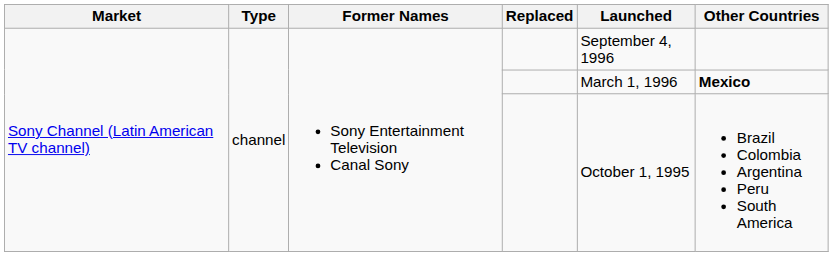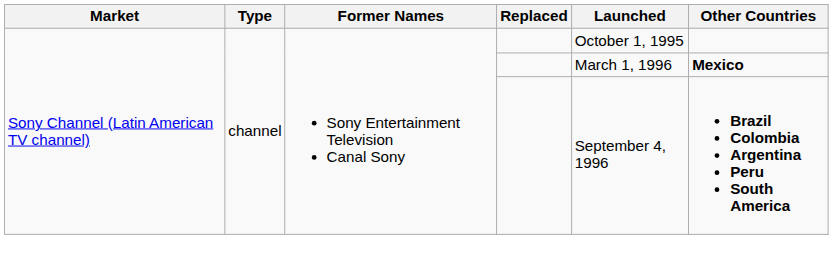 <table class="wikitable sortable">
 <tr>
 <th>Market</th>
 <th>Type</th>
 <th>Former Names</th>
 <th>Replaced</th>
 <th>Launched</th>
 <th>Other Countries</th>
 </tr>
 <tr>
 <td rowspan = "3"><a href='#'>Sony Channel (Latin American TV channel)</a></td>
 <td rowspan = "3">channel</td>
 <td rowspan = "3"><br><ul><li>Sony Entertainment Television</li><li>Canal Sony</li></ul></td>
 <td></td>
-<td>September 4, 1996</td>
+<td>October 1, 1995</td>
 <td></td>
 </tr>
 <tr>
 <td></td>
 <td>March 1, 1996</td>
 <td><strong>Mexico</strong></td>
 </tr>
 <tr>
 <td></td>
-<td>October 1, 1995</td>
-<td><br><ul><li>Brazil</li><li>Colombia</li><li>Argentina</li><li>Peru</li><li>South America</li></ul></td>
+<td>September 4, 1996</td>
+<td><strong><br><ul><li>Brazil</li><li>Colombia</li><li>Argentina</li><li>Peru</li><li>South America</li></ul></strong></td>
 </tr>
 </table>
